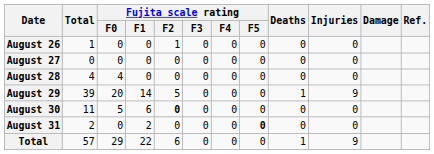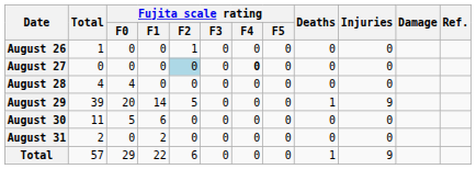 <table class="wikitable sortable" style="margin: 1em auto 1em auto;">
 <tr>
 <th scope="col" rowspan="2">Date</th>
 <th scope="col" rowspan="2" align="center">Total</th>
 <th scope="col" colspan="6" align="center"><a href='#'>Fujita scale</a> rating</th>
 <th scope="col" rowspan="2" align="center">Deaths</th>
 <th scope="col" rowspan="2" align="center">Injuries</th>
 <th scope="col" rowspan="2" align="center">Damage</th>
 <th scope="col" rowspan="2" align="center" class="unsortable">Ref.</th>
 </tr>
 <tr>
 <th scope="col" align="center"> F0 </th>
 <th scope="col" align="center"> F1 </th>
 <th scope="col" align="center"> F2 </th>
 <th scope="col" align="center"> F3 </th>
 <th scope="col" align="center"> F4 </th>
 <th scope="col" align="center"> F5 </th>
 </tr>
 <tr>
 <th scope="row">August 26</th>
 <td align="right">1</td>
 <td align="right">0</td>
 <td align="right">0</td>
 <td align="right">1</td>
 <td align="right">0</td>
 <td align="right">0</td>
 <td align="right">0</td>
 <td align="right">0</td>
 <td align="right">0</td>
 <td align="right"></td>
 <td></td>
 </tr>
 <tr>
 <th scope="row">August 27</th>
 <td align="right">0</td>
 <td align="right">0</td>
 <td align="right">0</td>
+<td align="right" style="background: lightblue;">0</td>
 <td align="right">0</td>
-<td align="right">0</td>
-<td align="right">0</td>
+<td align="right"><strong>0</strong></td>
 <td align="right">0</td>
 <td align="right">0</td>
 <td align="right">0</td>
 <td align="right"></td>
 <td></td>
 </tr>
 <tr>
 <th scope="row">August 28</th>
 <td align="right">4</td>
 <td align="right">4</td>
 <td align="right">0</td>
 <td align="right">0</td>
 <td align="right">0</td>
 <td align="right">0</td>
 <td align="right">0</td>
 <td align="right">0</td>
 <td align="right">0</td>
 <td align="right"></td>
 <td></td>
 </tr>
 <tr>
 <th scope="row">August 29</th>
 <td align="right">39</td>
 <td align="right">20</td>
 <td align="right">14</td>
 <td align="right">5</td>
 <td align="right">0</td>
 <td align="right">0</td>
 <td align="right">0</td>
 <td align="right">1</td>
 <td align="right">9</td>
 <td align="right"></td>
 <td></td>
 </tr>
 <tr>
 <th scope="row">August 30</th>
 <td align="right">11</td>
 <td align="right">5</td>
 <td align="right">6</td>
-<td align="right"><strong>0</strong></td>
+<td align="right">0</td>
 <td align="right">0</td>
 <td align="right">0</td>
 <td align="right">0</td>
 <td align="right">0</td>
 <td align="right">0</td>
 <td align="right"></td>
 <td></td>
 </tr>
 <tr>
 <th scope="row">August 31</th>
 <td align="right">2</td>
 <td align="right">0</td>
 <td align="right">2</td>
 <td align="right">0</td>
 <td align="right">0</td>
 <td align="right">0</td>
-<td align="right"><strong>0</strong></td>
+<td align="right">0</td>
 <td align="right">0</td>
 <td align="right">0</td>
 <td></td>
 <td></td>
 </tr>
 <tr class="sortbottom">
 <th scope="row">Total</th>
 <td align="right">57</td>
 <td align="right">29</td>
 <td align="right">22</td>
 <td align="right">6</td>
 <td align="right">0</td>
 <td align="right">0</td>
 <td align="right">0</td>
 <td align="right">1</td>
 <td align="right">9</td>
 <td align="right"></td>
 <td></td>
 </tr>
 </table>
